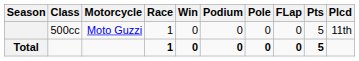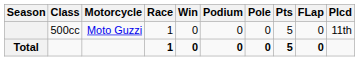 <table class="wikitable">
 <tr>
 <th>Season</th>
 <th>Class</th>
 <th>Motorcycle</th>
 <th>Race</th>
 <th>Win</th>
 <th>Podium</th>
 <th>Pole</th>
+<th>Pts</th>
 <th>FLap</th>
-<th>Pts</th>
 <th>Plcd</th>
 </tr>
 <tr align="right">
 <th></th>
 <td>500cc</td>
 <td><a href='#'>Moto Guzzi</a></td>
 <td>1</td>
 <td>0</td>
 <td>0</td>
 <td>0</td>
+<td>5</td>
 <td>0</td>
-<td>5</td>
 <td>11th</td>
 </tr>
 <tr align="right">
 <th>Total</th>
 <td></td>
 <td></td>
 <td><strong>1</strong></td>
 <td><strong>0</strong></td>
 <td><strong>0</strong></td>
 <td><strong>0</strong></td>
+<td><strong>5</strong></td>
 <td><strong>0</strong></td>
-<td><strong>5</strong></td>
 <td></td>
 </tr>
 </table>
